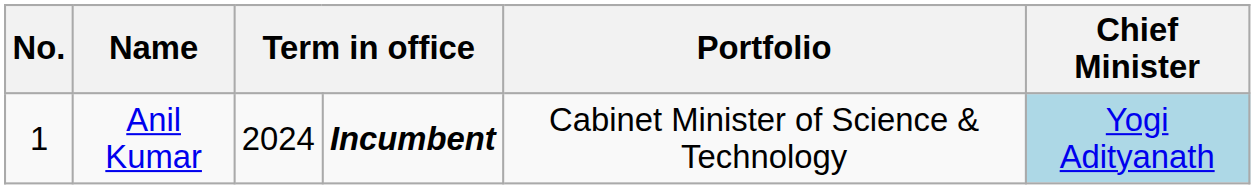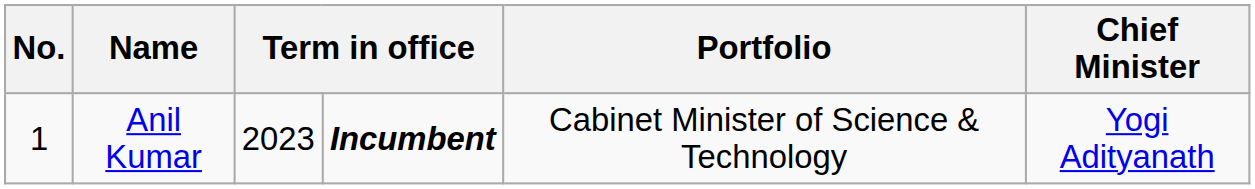 <table class="wikitable sortable" style="text-align:center;">
 <tr>
 <th Style="background-color:">No.</th>
 <th Style="background-color:">Name</th>
 <th colspan="2" Style="background-color:">Term in office</th>
 <th Style="background-color:">Portfolio</th>
 <th colspan="2" Style="background-color:">Chief Minister</th>
 </tr>
 <tr>
 <td>1</td>
 <td><a href='#'>Anil Kumar</a></td>
-<td>2024</td>
+<td>2023</td>
 <td><strong><em>Incumbent</em></strong></td>
 <td>Cabinet Minister of Science & Technology</td>
-<td style="background: lightblue;"><a href='#'>Yogi Adityanath</a></td>
+<td><a href='#'>Yogi Adityanath</a></td>
 </tr>
 </table>
